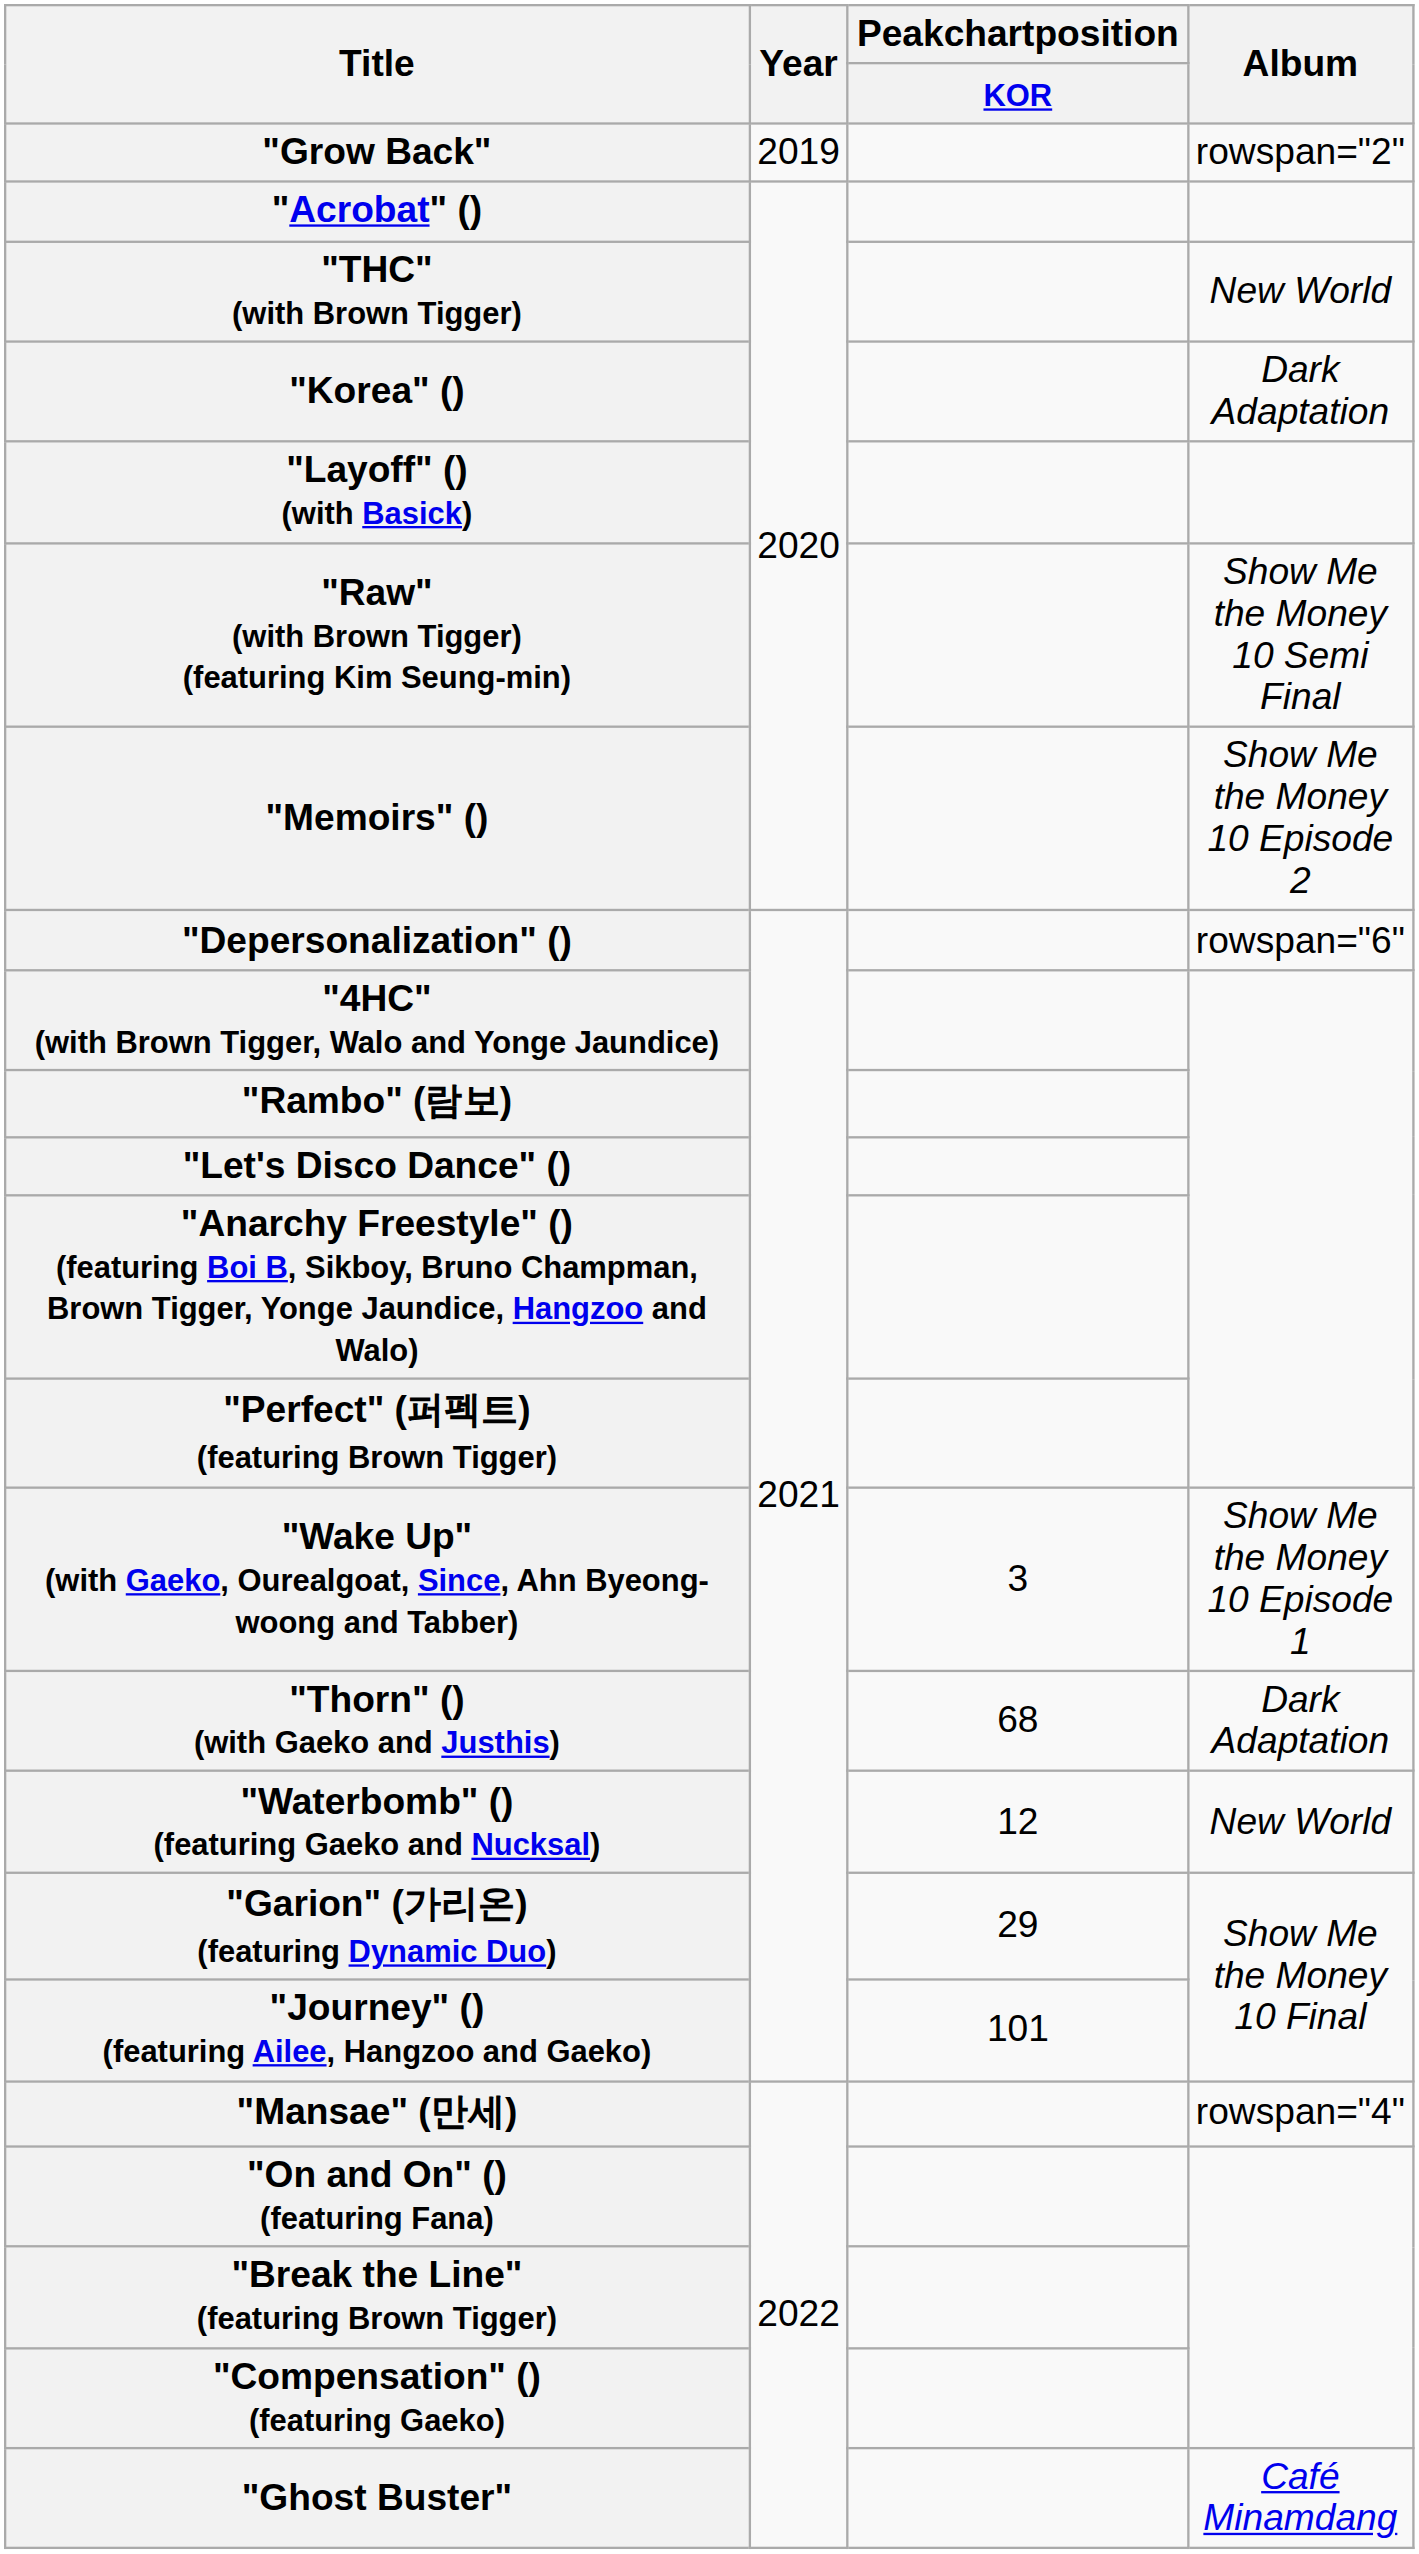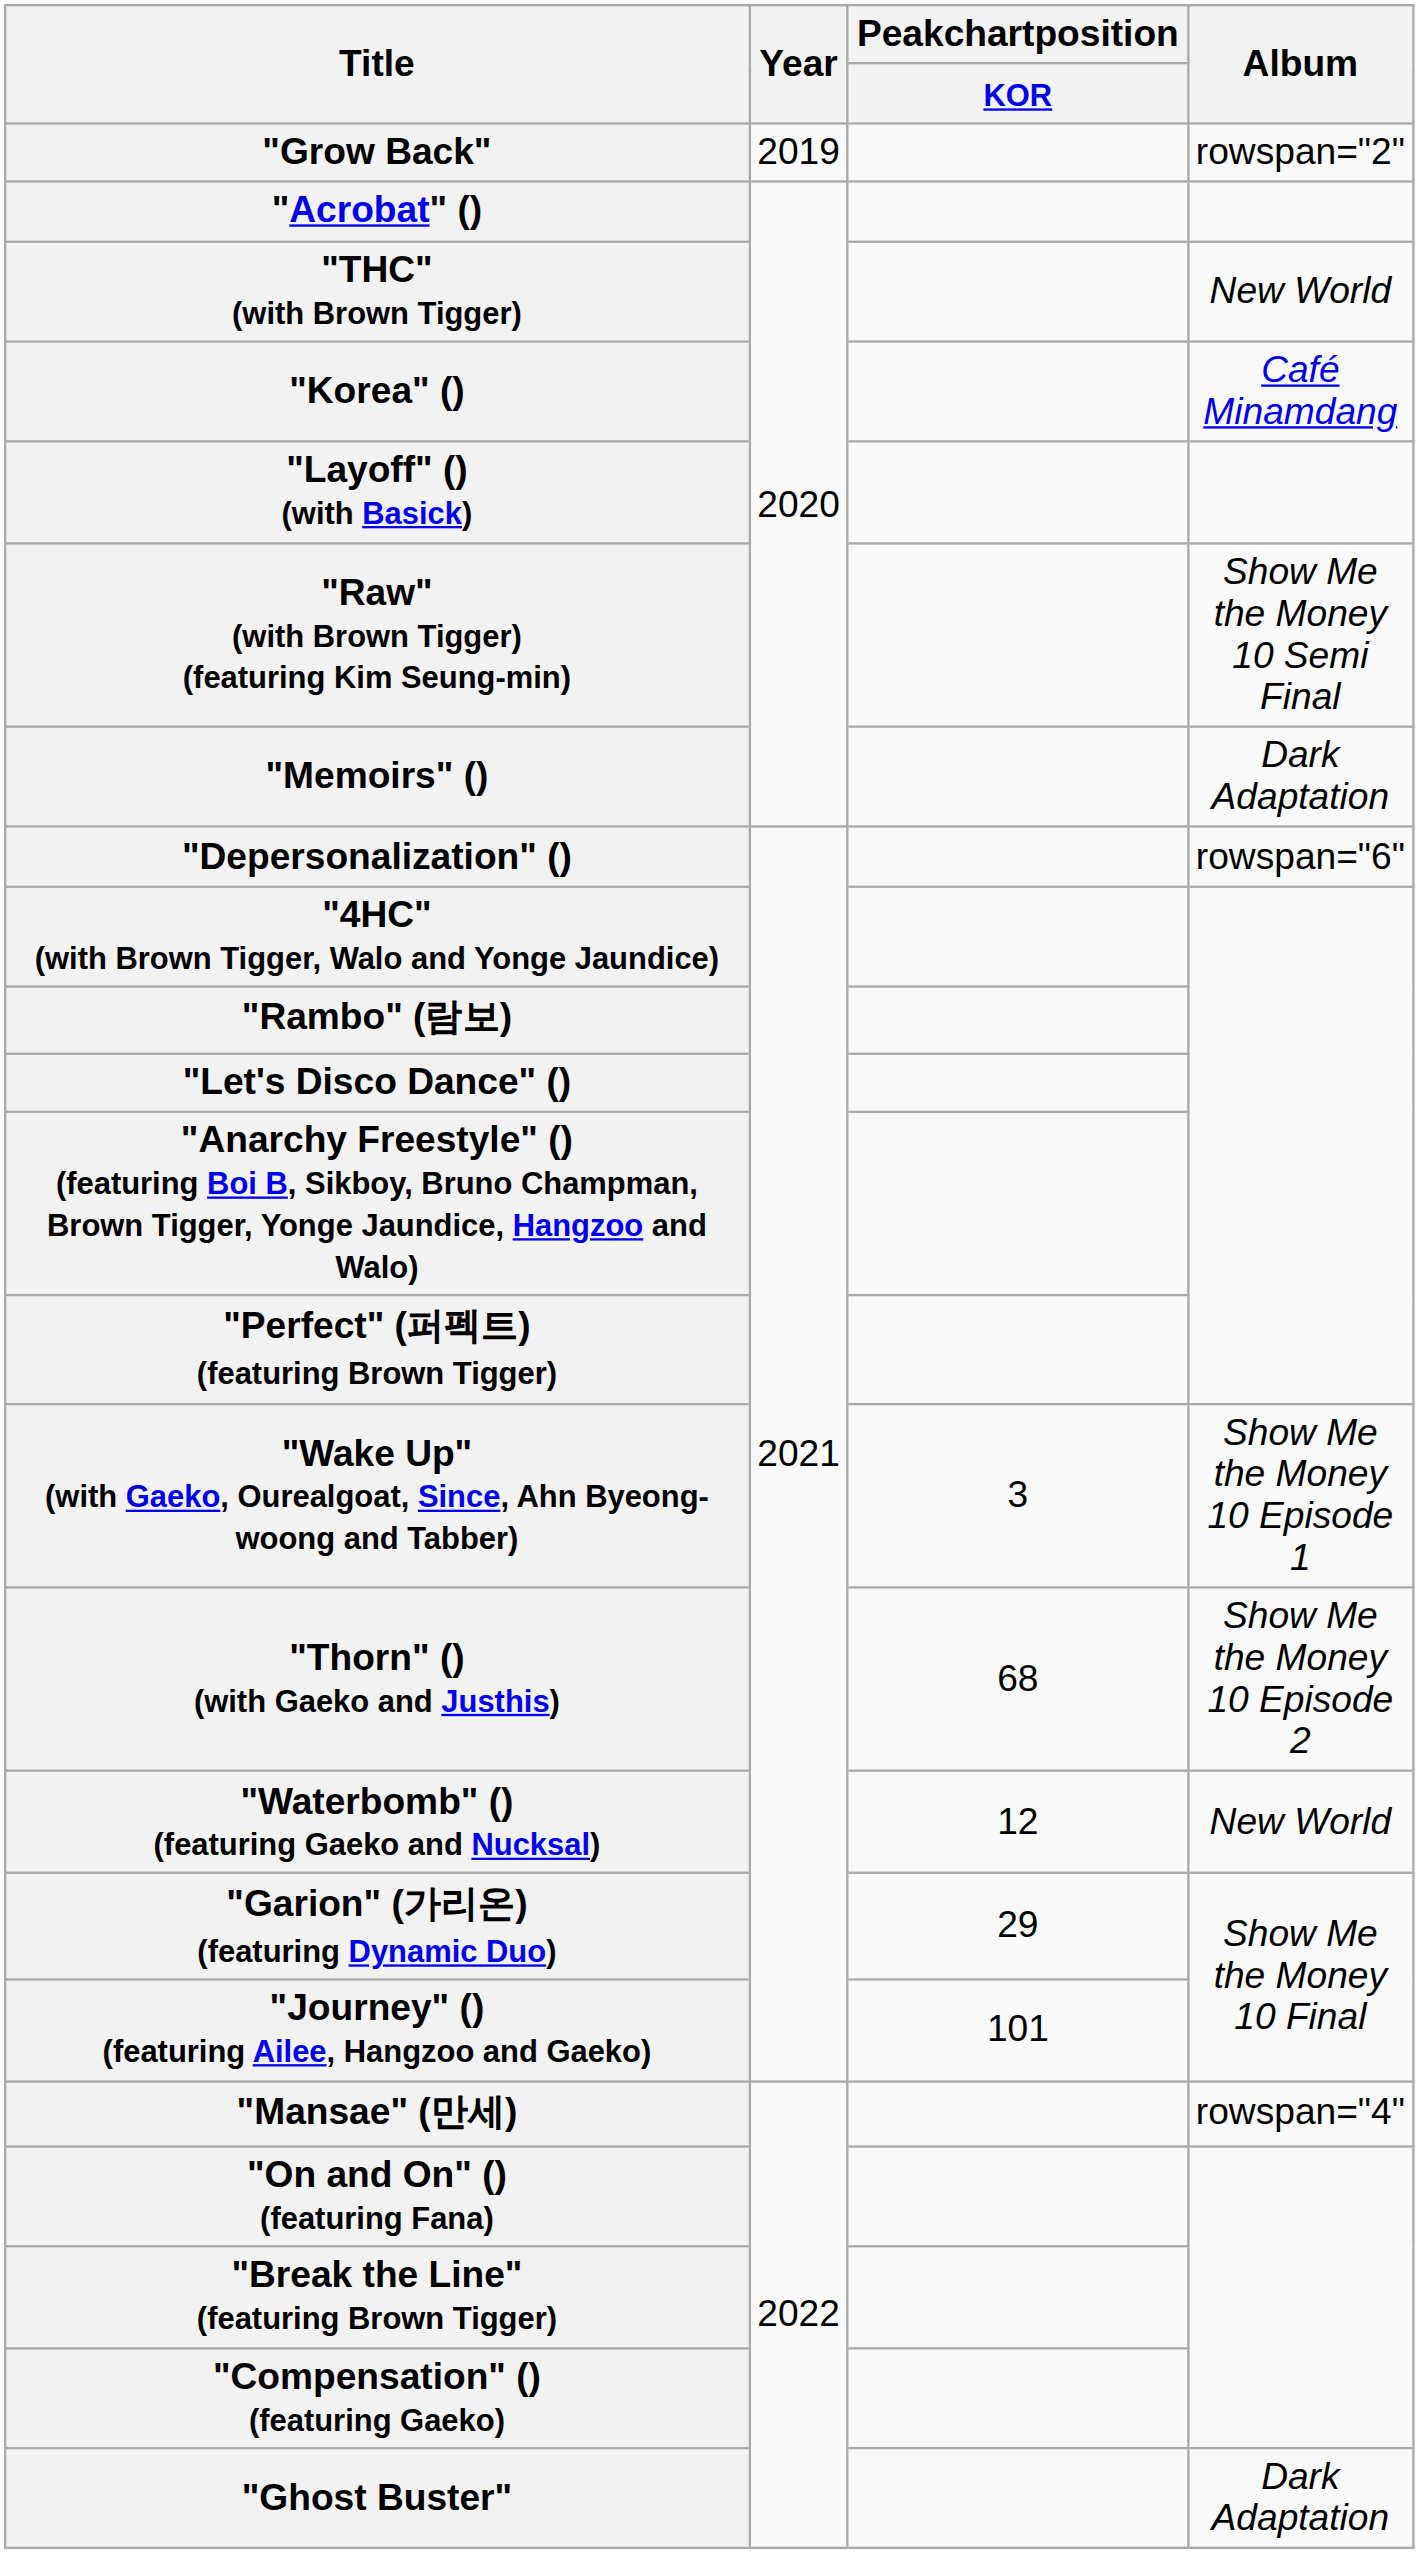 <table class="wikitable plainrowheaders" style="text-align:center;">
 <tr>
 <th rowspan="2" style="width:20em;">Title</th>
 <th rowspan="2">Year</th>
 <th>Peakchartposition</th>
 <th rowspan="2">Album</th>
 </tr>
 <tr>
 <th><a href='#'><small>KOR</small></a></th>
 </tr>
 <tr>
 <th scope="row">"Grow Back"</th>
 <td>2019</td>
 <td></td>
 <td>rowspan="2" </td>
 </tr>
 <tr>
 <th scope="row">"<a href='#'>Acrobat</a>" ()</th>
 <td rowspan="6">2020</td>
 <td></td>
 </tr>
 <tr>
 <th scope="row">"THC"<br><small>(with Brown Tigger)</small></th>
 <td></td>
 <td><em>New World</em></td>
 </tr>
 <tr>
 <th scope="row">"Korea" ()</th>
 <td></td>
-<td><em>Dark Adaptation</em></td>
+<td><em><a href='#'>Café Minamdang</a></em></td>
 </tr>
 <tr>
 <th scope="row">"Layoff" ()<br><small>(with <a href='#'>Basick</a>)</small></th>
 <td></td>
 <td></td>
 </tr>
 <tr>
 <th scope="row">"Raw"<br><small>(with Brown Tigger)<br>(featuring Kim Seung-min)</small></th>
 <td></td>
 <td><em>Show Me the Money 10 Semi Final</em></td>
 </tr>
 <tr>
 <th scope="row">"Memoirs" ()</th>
 <td></td>
-<td><em>Show Me the Money 10 Episode 2</em></td>
+<td><em>Dark Adaptation</em></td>
 </tr>
 <tr>
 <th scope="row">"Depersonalization" ()</th>
 <td rowspan="11">2021</td>
 <td></td>
 <td>rowspan="6" </td>
 </tr>
 <tr>
 <th scope="row">"4HC"<br><small>(with Brown Tigger, Walo and Yonge Jaundice)</small></th>
 <td></td>
 </tr>
 <tr>
 <th scope="row">"Rambo" (람보)</th>
 <td></td>
 </tr>
 <tr>
 <th scope="row">"Let's Disco Dance" ()</th>
 <td></td>
 </tr>
 <tr>
 <th scope="row">"Anarchy Freestyle" ()<br><small>(featuring <a href='#'>Boi B</a>, Sikboy, Bruno Champman, Brown Tigger, Yonge Jaundice, <a href='#'>Hangzoo</a> and Walo)</small></th>
 <td></td>
 </tr>
 <tr>
 <th scope="row">"Perfect" (퍼펙트)<br><small>(featuring Brown Tigger)</small></th>
 <td></td>
 </tr>
 <tr>
 <th scope="row">"Wake Up"<br><small>(with <a href='#'>Gaeko</a>, Ourealgoat, <a href='#'>Since</a>, Ahn Byeong-woong and Tabber)</small></th>
 <td align="center">3</td>
 <td><em>Show Me the Money 10 Episode 1</em></td>
 </tr>
 <tr>
 <th scope="row">"Thorn" ()<br><small>(with Gaeko and <a href='#'>Justhis</a>)</small></th>
 <td align="center">68</td>
-<td><em>Dark Adaptation</em></td>
+<td><em>Show Me the Money 10 Episode 2</em></td>
 </tr>
 <tr>
 <th scope="row">"Waterbomb" ()<br><small>(featuring Gaeko and <a href='#'>Nucksal</a>)</small></th>
 <td align="center">12</td>
 <td><em>New World</em></td>
 </tr>
 <tr>
 <th scope="row">"Garion" (가리온)<br><small>(featuring <a href='#'>Dynamic Duo</a>)</small></th>
 <td align="center">29</td>
 <td rowspan="2"><em>Show Me the Money 10 Final</em></td>
 </tr>
 <tr>
 <th scope="row">"Journey" ()<br><small>(featuring <a href='#'>Ailee</a>, Hangzoo and Gaeko)</small></th>
 <td align="center">101</td>
 </tr>
 <tr>
 <th scope="row">"Mansae" (만세)</th>
 <td rowspan="5">2022</td>
 <td></td>
 <td>rowspan="4" </td>
 </tr>
 <tr>
 <th scope="row">"On and On" ()<br><small>(featuring Fana)</small></th>
 <td></td>
 </tr>
 <tr>
 <th scope="row">"Break the Line"<br><small>(featuring Brown Tigger)</small></th>
 <td></td>
 </tr>
 <tr>
 <th scope="row">"Compensation" ()<br><small>(featuring Gaeko)</small></th>
 <td></td>
 </tr>
 <tr>
 <th scope="row">"Ghost Buster"</th>
 <td></td>
-<td><em><a href='#'>Café Minamdang</a></em></td>
+<td><em>Dark Adaptation</em></td>
 </tr>
 </table>
